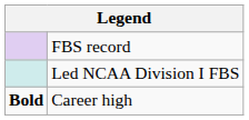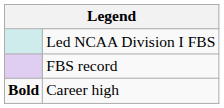 <table class="wikitable">
 <tr>
 <th colspan="2">Legend</th>
+</tr>
+<tr>
+<td style="background:#cfecec;"></td>
+<td>Led NCAA Division I FBS</td>
 </tr>
 <tr>
 <td style="background:#e0cef2;"></td>
 <td>FBS record</td>
 </tr>
 <tr>
-<td style="background:#cfecec;"></td>
-<td>Led NCAA Division I FBS</td>
-</tr>
-<tr>
 <td><strong>Bold</strong></td>
 <td>Career high</td>
 </tr>
 </table>
